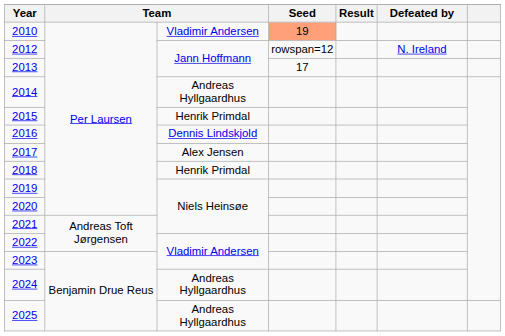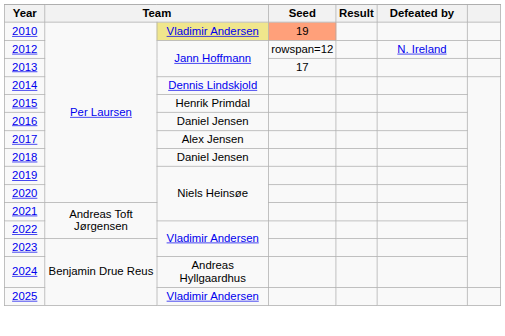 <table class="wikitable" style="text-align: center;">
 <tr style= "background: #e2e2e2;">
 </tr>
 <tr style="background: #efefef;">
 <th width=50px>Year</th>
 <th colspan="2">Team</th>
 <th width=50px>Seed</th>
 <th width=50px>Result</th>
 <th width=120px>Defeated by</th>
 <th width=40px></th>
 </tr>
 <tr>
 <td><a href='#'>2010</a></td>
 <td rowspan=10 width=150px><a href='#'>Per Laursen</a></td>
-<td width=150px><a href='#'>Vladimir Andersen</a></td>
+<td width=150px style="background: khaki;"><a href='#'>Vladimir Andersen</a></td>
 <td style="background: lightsalmon;">19</td>
 <td></td>
 <td> </td>
 <td></td>
 </tr>
 <tr>
 <td><a href='#'>2012</a></td>
 <td rowspan=2><a href='#'>Jann Hoffmann</a></td>
 <td>rowspan=12 </td>
 <td></td>
 <td> <a href='#'>N. Ireland</a></td>
 <td></td>
 </tr>
 <tr>
 <td><a href='#'>2013</a></td>
 <td>17</td>
 <td></td>
 <td> </td>
 <td></td>
 </tr>
 <tr>
 <td><a href='#'>2014</a></td>
-<td>Andreas Hyllgaardhus</td>
+<td><a href='#'>Dennis Lindskjold</a></td>
 <td></td>
 <td> </td>
 <td></td>
 </tr>
 <tr>
 <td><a href='#'>2015</a></td>
 <td>Henrik Primdal</td>
 <td></td>
 <td> </td>
 <td></td>
 </tr>
 <tr>
 <td><a href='#'>2016</a></td>
-<td><a href='#'>Dennis Lindskjold</a></td>
+<td>Daniel Jensen</td>
 <td></td>
 <td> </td>
 <td></td>
 </tr>
 <tr>
 <td><a href='#'>2017</a></td>
 <td>Alex Jensen</td>
 <td></td>
 <td> </td>
 <td></td>
 </tr>
 <tr>
 <td><a href='#'>2018</a></td>
-<td>Henrik Primdal</td>
+<td>Daniel Jensen</td>
 <td></td>
 <td> </td>
 <td></td>
 </tr>
 <tr>
 <td><a href='#'>2019</a></td>
 <td rowspan=3>Niels Heinsøe</td>
 <td></td>
 <td> </td>
 <td></td>
 </tr>
 <tr>
 <td><a href='#'>2020</a></td>
 <td></td>
 <td> </td>
 <td></td>
 </tr>
 <tr>
 <td><a href='#'>2021</a></td>
 <td rowspan=2>Andreas Toft Jørgensen</td>
 <td></td>
 <td> </td>
 <td></td>
 </tr>
 <tr>
 <td><a href='#'>2022</a></td>
 <td rowspan=2><a href='#'>Vladimir Andersen</a></td>
 <td></td>
 <td> </td>
 <td></td>
 </tr>
 <tr>
 <td><a href='#'>2023</a></td>
 <td rowspan=3>Benjamin Drue Reus</td>
 <td></td>
 <td> </td>
 <td></td>
 </tr>
 <tr>
 <td><a href='#'>2024</a></td>
 <td>Andreas Hyllgaardhus</td>
 <td></td>
 <td> <br> </td>
 <td></td>
 </tr>
 <tr>
 <td><a href='#'>2025</a></td>
-<td>Andreas Hyllgaardhus</td>
+<td width=150px><a href='#'>Vladimir Andersen</a></td>
 <td></td>
 <td></td>
 <td></td>
 <td></td>
 </tr>
 </table>
